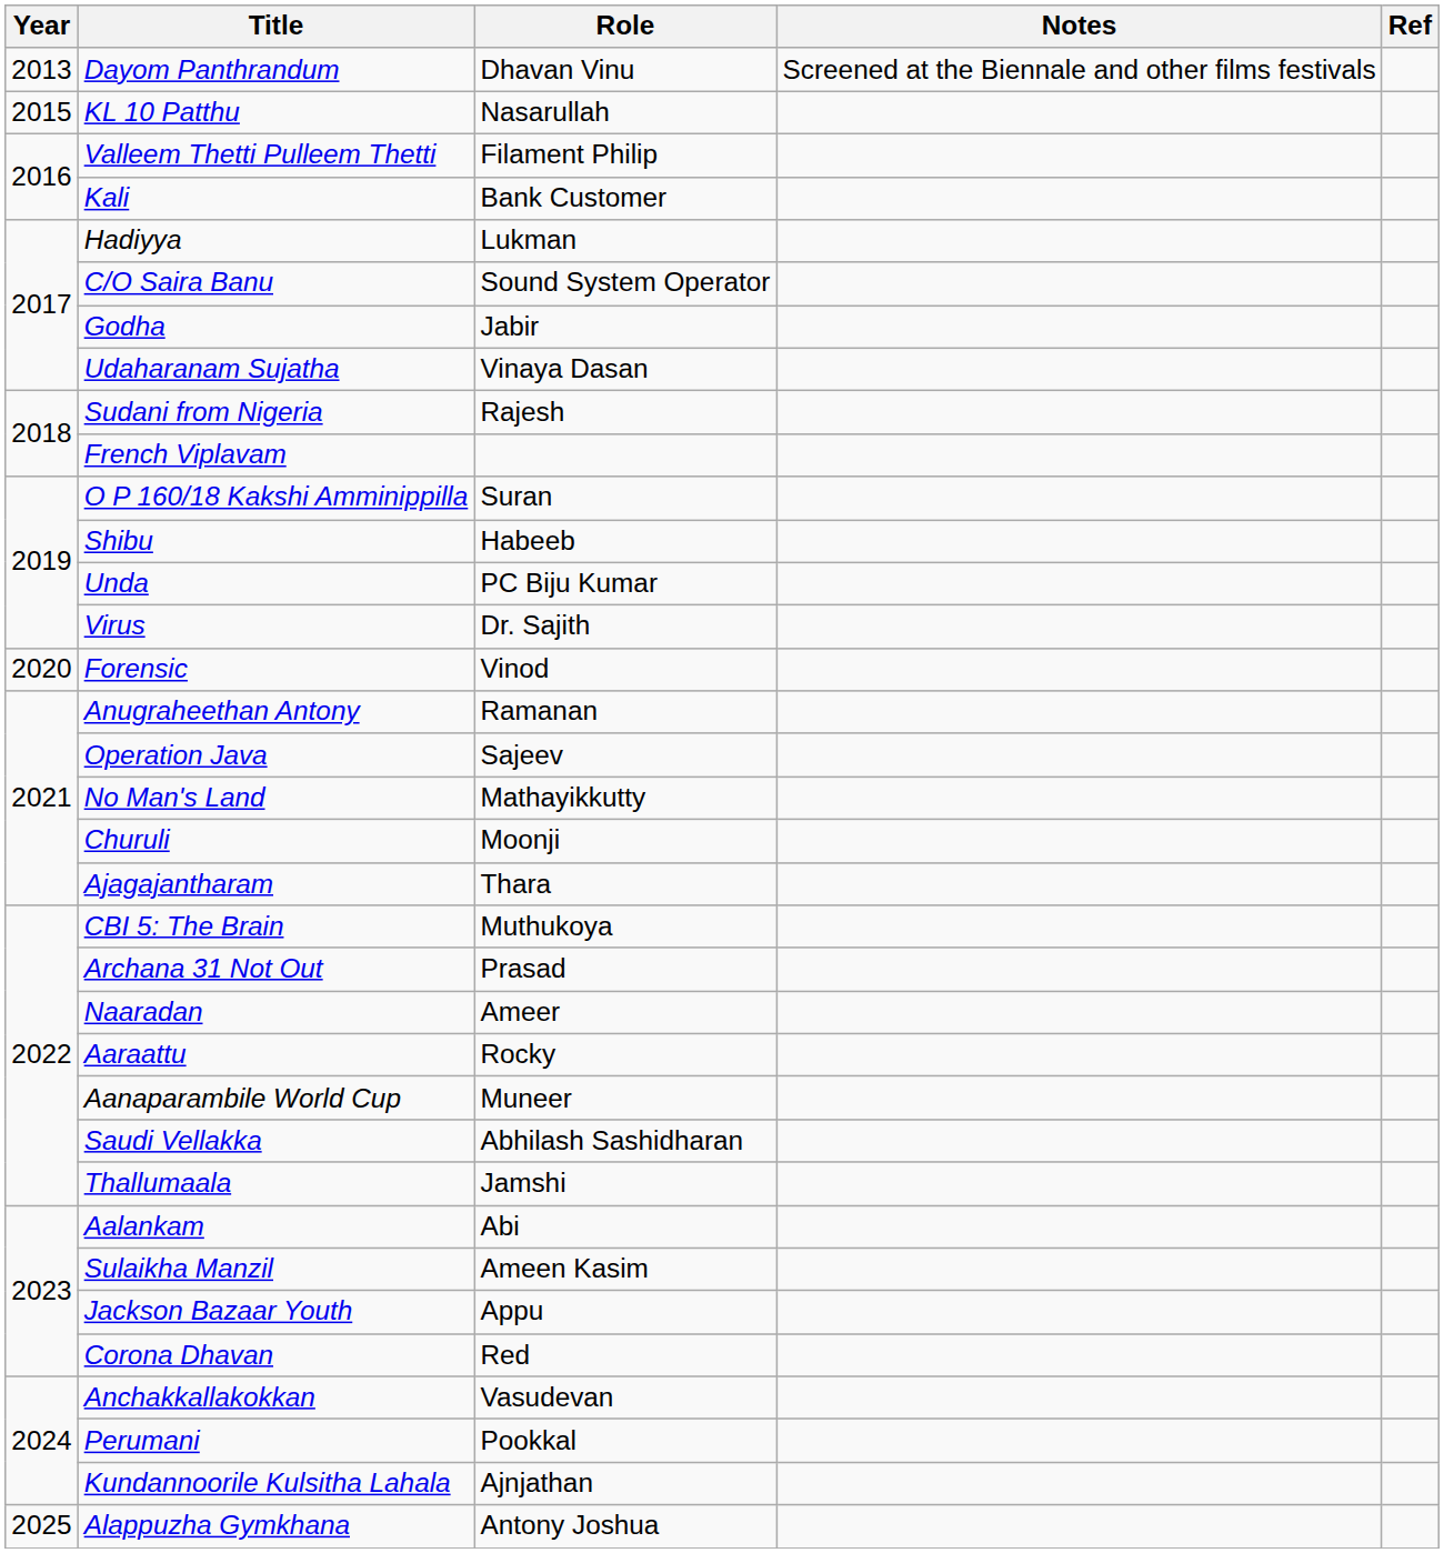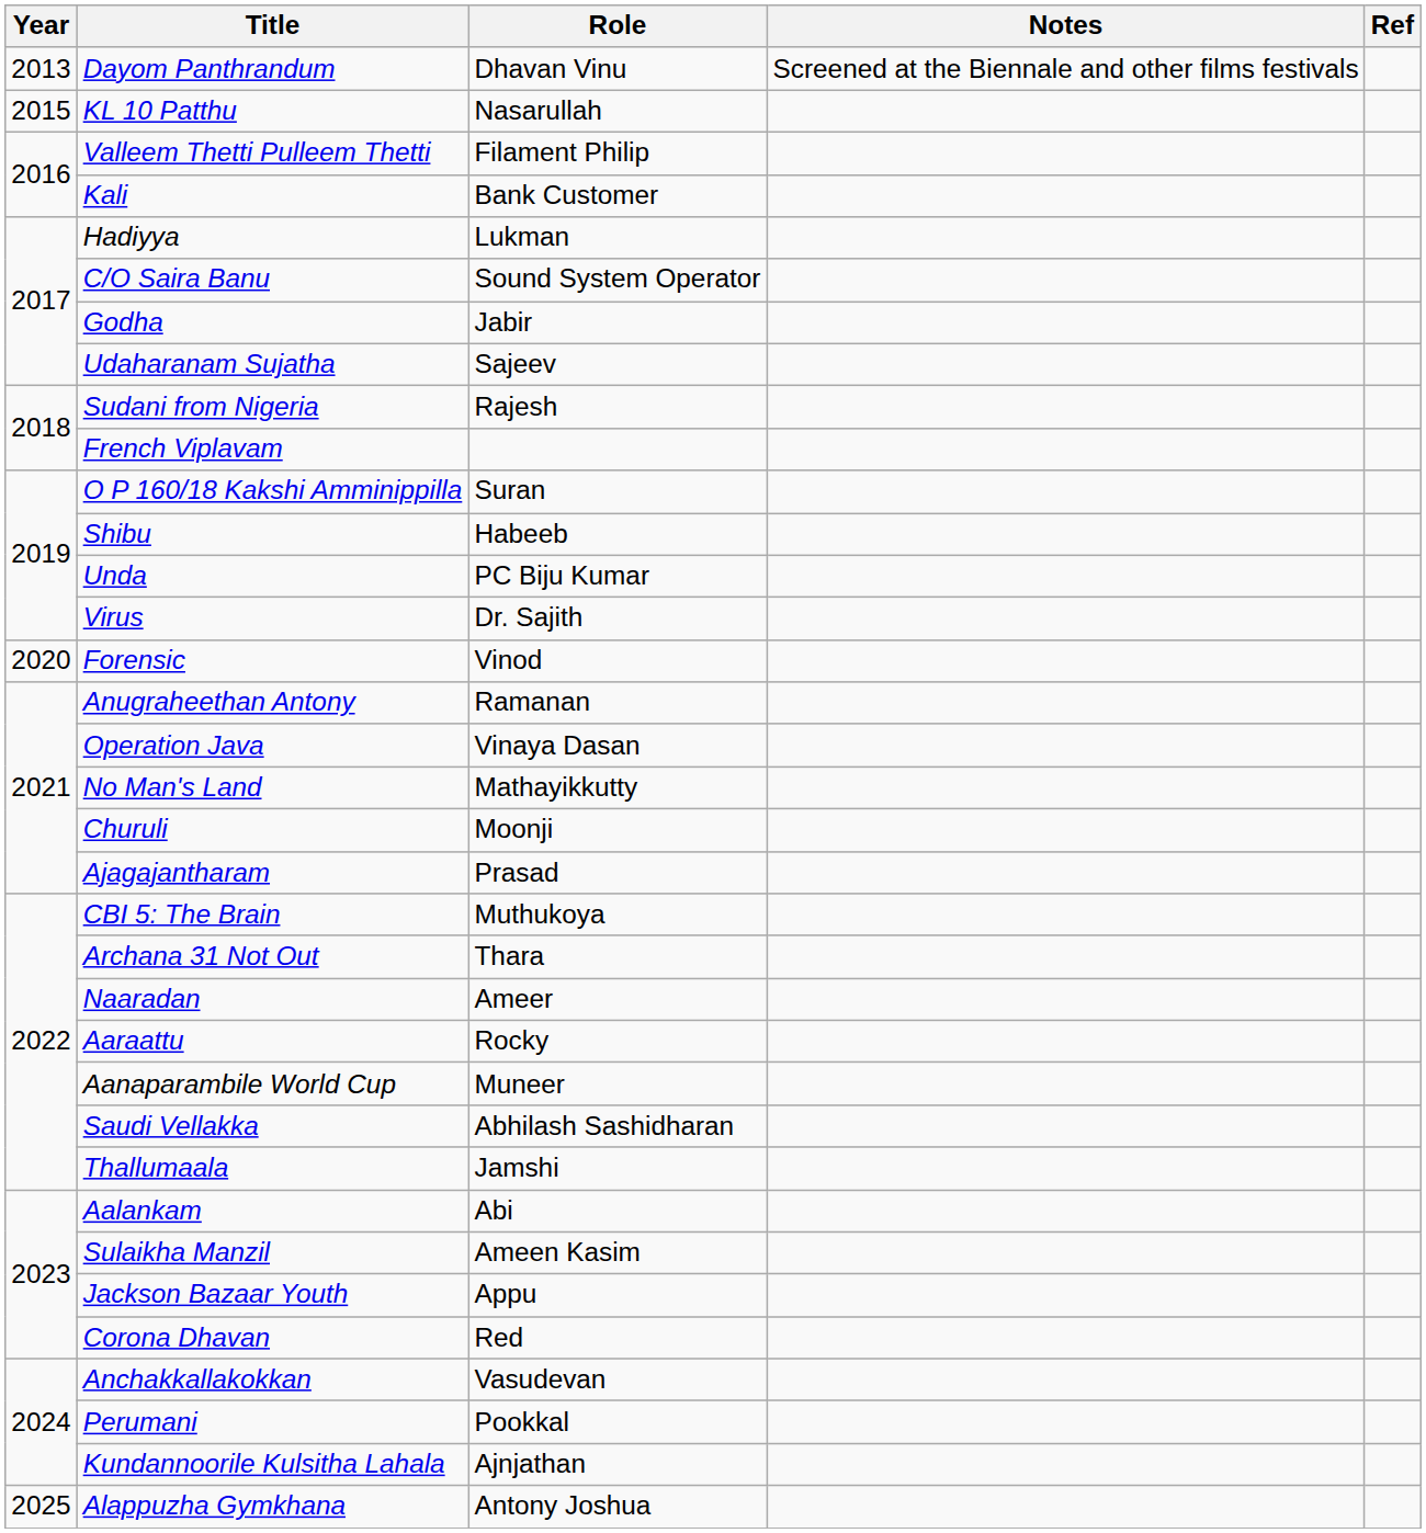 <table class="wikitable sortable">
 <tr>
 <th>Year</th>
 <th>Title</th>
 <th>Role</th>
 <th class="unsortable">Notes</th>
 <th>Ref</th>
 </tr>
 <tr>
 <td>2013</td>
 <td><em><a href='#'>Dayom Panthrandum</a></em></td>
 <td>Dhavan Vinu</td>
 <td>Screened at the Biennale and other films festivals</td>
 <td></td>
 </tr>
 <tr>
 <td>2015</td>
 <td><em><a href='#'>KL 10 Patthu</a></em></td>
 <td>Nasarullah</td>
 <td></td>
 <td></td>
 </tr>
 <tr>
 <td rowspan=2>2016</td>
 <td><em><a href='#'>Valleem Thetti Pulleem Thetti</a></em></td>
 <td>Filament Philip</td>
 <td></td>
 <td></td>
 </tr>
 <tr>
 <td><em><a href='#'>Kali</a></em></td>
 <td>Bank Customer</td>
 <td></td>
 <td></td>
 </tr>
 <tr>
 <td rowspan=4>2017</td>
 <td><em>Hadiyya</em></td>
 <td>Lukman</td>
 <td></td>
 <td></td>
 </tr>
 <tr>
 <td><em><a href='#'>C/O Saira Banu</a></em></td>
 <td>Sound System Operator</td>
 <td></td>
 <td></td>
 </tr>
 <tr>
 <td><em><a href='#'>Godha</a></em></td>
 <td>Jabir</td>
 <td></td>
 <td></td>
 </tr>
 <tr>
 <td><em><a href='#'>Udaharanam Sujatha</a></em></td>
-<td>Vinaya Dasan</td>
+<td>Sajeev</td>
 <td></td>
 <td></td>
 </tr>
 <tr>
 <td rowspan=2>2018</td>
 <td><em><a href='#'>Sudani from Nigeria</a></em></td>
 <td>Rajesh</td>
 <td></td>
 <td></td>
 </tr>
 <tr>
 <td><em><a href='#'>French Viplavam</a></em></td>
 <td></td>
 <td></td>
 <td></td>
 </tr>
 <tr>
 <td rowspan=4>2019</td>
 <td><em><a href='#'>O P 160/18 Kakshi Amminippilla</a></em></td>
 <td>Suran</td>
 <td></td>
 <td></td>
 </tr>
 <tr>
 <td><em><a href='#'>Shibu</a></em></td>
 <td>Habeeb</td>
 <td></td>
 <td></td>
 </tr>
 <tr>
 <td><em><a href='#'>Unda</a></em></td>
 <td>PC Biju Kumar</td>
 <td></td>
 <td></td>
 </tr>
 <tr>
 <td><em><a href='#'>Virus</a></em></td>
 <td>Dr. Sajith</td>
 <td></td>
 <td></td>
 </tr>
 <tr>
 <td>2020</td>
 <td><em><a href='#'>Forensic</a></em></td>
 <td>Vinod</td>
 <td></td>
 <td></td>
 </tr>
 <tr>
 <td rowspan=5>2021</td>
 <td><em><a href='#'>Anugraheethan Antony</a></em></td>
 <td>Ramanan</td>
 <td></td>
 <td></td>
 </tr>
 <tr>
 <td><em><a href='#'>Operation Java</a></em></td>
-<td>Sajeev</td>
+<td>Vinaya Dasan</td>
 <td></td>
 <td></td>
 </tr>
 <tr>
 <td><em><a href='#'>No Man's Land</a></em></td>
 <td>Mathayikkutty</td>
 <td></td>
 <td></td>
 </tr>
 <tr>
 <td><em><a href='#'>Churuli</a></em></td>
 <td>Moonji</td>
 <td></td>
 <td></td>
 </tr>
 <tr>
 <td><em><a href='#'>Ajagajantharam</a></em></td>
-<td>Thara</td>
+<td>Prasad</td>
 <td></td>
 <td></td>
 </tr>
 <tr>
 <td rowspan="7">2022</td>
 <td><em><a href='#'>CBI 5: The Brain</a></em></td>
 <td>Muthukoya</td>
 <td></td>
 <td></td>
 </tr>
 <tr>
 <td><em><a href='#'>Archana 31 Not Out</a></em></td>
-<td>Prasad</td>
+<td>Thara</td>
 <td></td>
 <td></td>
 </tr>
 <tr>
 <td><em><a href='#'>Naaradan</a></em></td>
 <td>Ameer</td>
 <td></td>
 <td></td>
 </tr>
 <tr>
 <td><em><a href='#'>Aaraattu</a></em></td>
 <td>Rocky</td>
 <td></td>
 <td></td>
 </tr>
 <tr>
 <td><em>Aanaparambile World Cup</em></td>
 <td>Muneer</td>
 <td></td>
 <td></td>
 </tr>
 <tr>
 <td><em><a href='#'>Saudi Vellakka</a></em></td>
 <td>Abhilash Sashidharan</td>
 <td></td>
 <td></td>
 </tr>
 <tr>
 <td><em><a href='#'>Thallumaala</a></em></td>
 <td>Jamshi</td>
 <td></td>
 <td></td>
 </tr>
 <tr>
 <td rowspan=4>2023</td>
 <td><em><a href='#'>Aalankam</a></em></td>
 <td>Abi</td>
 <td></td>
 <td></td>
 </tr>
 <tr>
 <td><em><a href='#'>Sulaikha Manzil</a></em></td>
 <td>Ameen Kasim</td>
 <td></td>
 <td></td>
 </tr>
 <tr>
 <td><em><a href='#'>Jackson Bazaar Youth</a></em></td>
 <td>Appu</td>
 <td></td>
 <td></td>
 </tr>
 <tr>
 <td><em><a href='#'>Corona Dhavan</a></em></td>
 <td>Red</td>
 <td></td>
 <td></td>
 </tr>
 <tr>
 <td rowspan=3>2024</td>
 <td><em><a href='#'>Anchakkallakokkan</a></em></td>
 <td>Vasudevan</td>
 <td></td>
 <td></td>
 </tr>
 <tr>
 <td><em><a href='#'>Perumani</a></em></td>
 <td>Pookkal</td>
 <td></td>
 <td></td>
 </tr>
 <tr>
 <td><em><a href='#'>Kundannoorile Kulsitha Lahala</a></em></td>
 <td>Ajnjathan</td>
 <td></td>
 <td></td>
 </tr>
 <tr>
 <td>2025</td>
 <td><em><a href='#'>Alappuzha Gymkhana</a></em></td>
 <td>Antony Joshua</td>
 <td></td>
 <td></td>
 </tr>
 <tr>
 </tr>
 </table>
